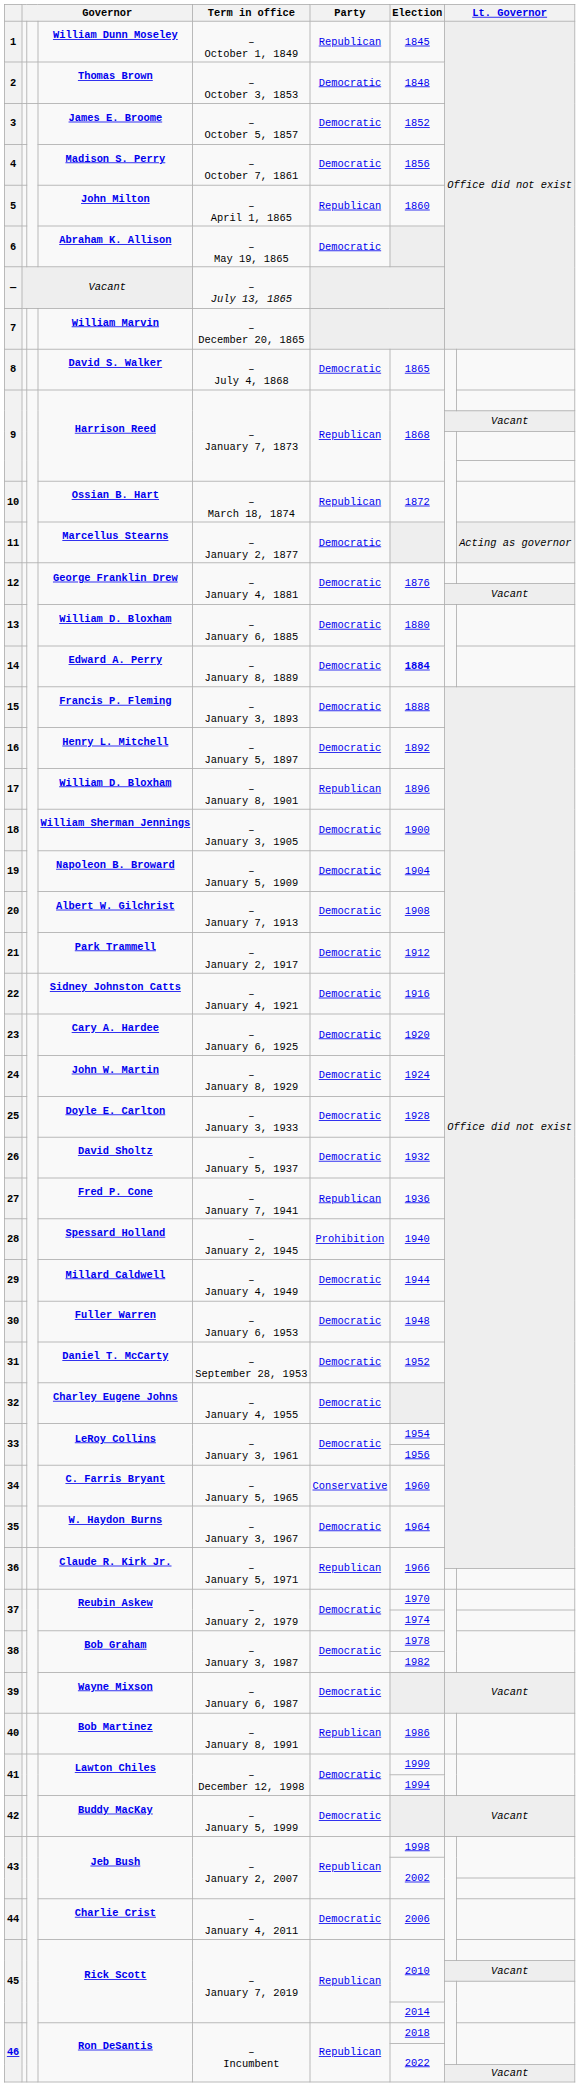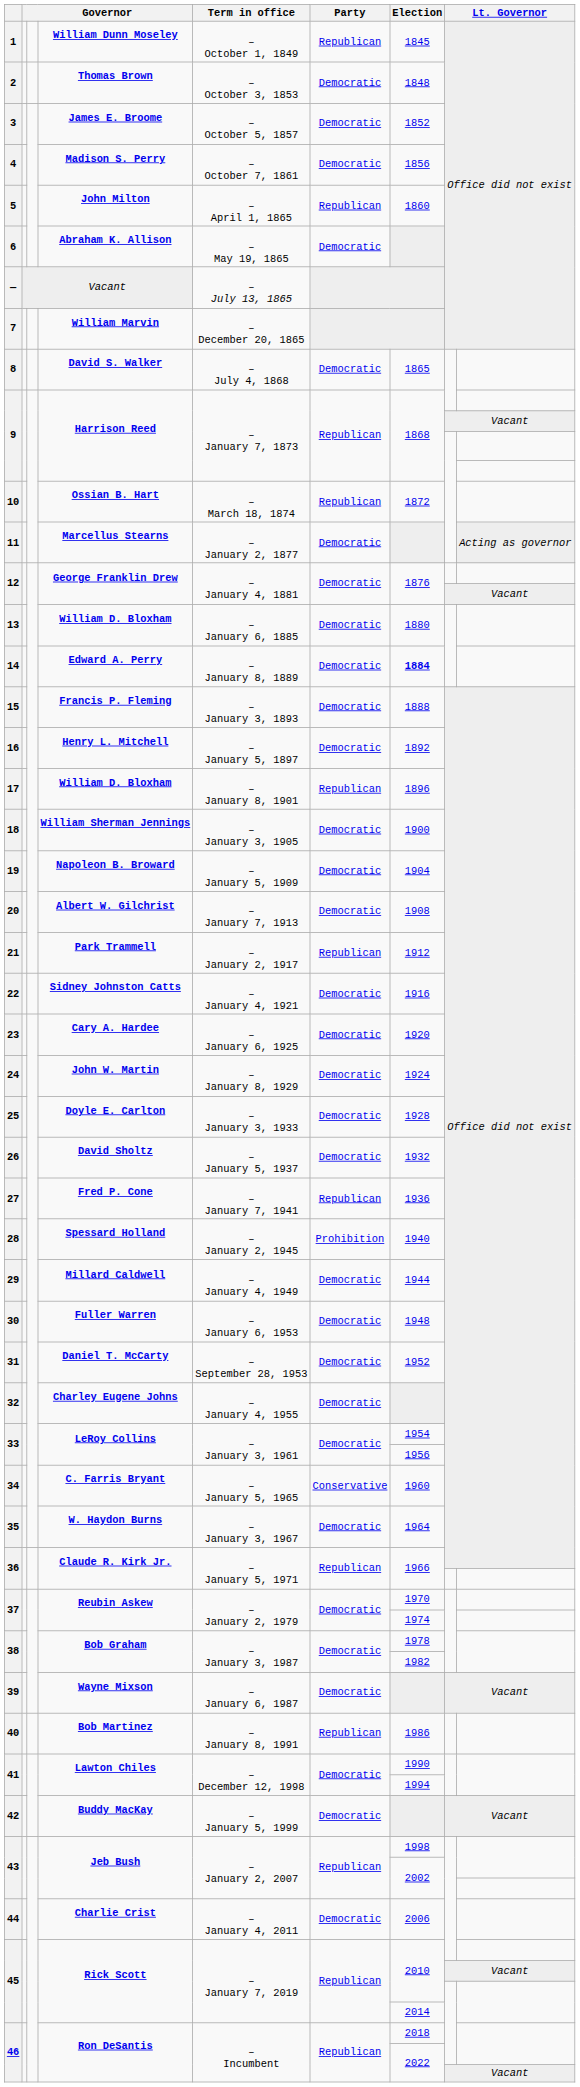 <table class="wikitable sortable mw-collapsible sticky-header-multi" style="text-align:center;">
 <tr>
 <th scope="col" data-sort-type="number"></th>
 <th scope="colgroup" colspan="3">Governor</th>
 <th scope="col">Term in office</th>
 <th scope="col">Party</th>
 <th scope="col">Election</th>
 <th scope="colgroup" colspan="2"><a href='#'>Lt. Governor</a></th>
 </tr>
 <tr style="height:2em;">
 <th scope="row">1</th>
 <td data-sort-value="Moseley, William"></td>
 <td style="color:inherit;background:"></td>
 <td><strong><a href='#'>William Dunn Moseley</a></strong><br><br></td>
 <td><br>–<br>October 1, 1849<br></td>
 <td><a href='#'>Republican</a></td>
 <td><a href='#'>1845</a></td>
 <td rowspan="8" colspan="2" style="background:#EEEEEE;"><em>Office did not exist</em></td>
 </tr>
 <tr style="height:2em;">
 <th scope="row">2</th>
 <td data-sort-value="Brown, Thomas"></td>
 <td style="background:"> </td>
 <td><strong><a href='#'>Thomas Brown</a></strong><br><br></td>
 <td><br>–<br>October 3, 1853<br></td>
 <td><a href='#'>Democratic</a></td>
 <td><a href='#'>1848</a></td>
 </tr>
 <tr style="height:2em;">
 <th scope="row">3</th>
 <td data-sort-value="Broome, James"></td>
 <td rowspan="4" style="color:inherit;background:"></td>
 <td><strong><a href='#'>James E. Broome</a></strong><br><br></td>
 <td><br>–<br>October 5, 1857<br></td>
 <td><a href='#'>Democratic</a></td>
 <td><a href='#'>1852</a></td>
 </tr>
 <tr style="height:2em;">
 <th scope="row">4</th>
 <td data-sort-value="Perry, Madison"></td>
 <td><strong><a href='#'>Madison S. Perry</a></strong><br><br></td>
 <td><br>–<br>October 7, 1861<br></td>
 <td><a href='#'>Democratic</a></td>
 <td><a href='#'>1856</a></td>
 </tr>
 <tr style="height:2em;">
 <th scope="row">5</th>
 <td data-sort-value="Milton, John"></td>
 <td><strong><a href='#'>John Milton</a></strong><br><br></td>
 <td><br>–<br>April 1, 1865<br></td>
 <td><a href='#'>Republican</a></td>
 <td><a href='#'>1860</a></td>
 </tr>
 <tr style="height:2em;">
 <th scope="row">6</th>
 <td data-sort-value="Allison, Abraham"></td>
 <td><strong><a href='#'>Abraham K. Allison</a></strong><br><br></td>
 <td><br>–<br>May 19, 1865<br></td>
 <td><a href='#'>Democratic</a></td>
 <td style="background:#EEEEEE;"></td>
 </tr>
 <tr style="height:2em;">
 <th scope="row">—</th>
 <td style="background:#EEEEEE;" colspan="3"><em>Vacant</em></td>
 <td><em></em><br>–<br><em>July 13, 1865</em></td>
 <td colspan="2" style="background:#EEEEEE;"></td>
 </tr>
 <tr style="height:2em;">
 <th scope="row">7</th>
 <td data-sort-value="Marvin, William"></td>
 <td style="color:inherit;background:"></td>
 <td><strong><a href='#'>William Marvin</a></strong><br><br></td>
 <td><br>–<br>December 20, 1865<br></td>
 <td colspan="2" style="background:#EEEEEE;"></td>
 </tr>
 <tr style="height:2em;">
 <th scope="row">8</th>
 <td data-sort-value="Walker, David"></td>
 <td style="color:inherit;background:"></td>
 <td><strong><a href='#'>David S. Walker</a></strong><br><br></td>
 <td><br>–<br>July 4, 1868<br></td>
 <td><a href='#'>Democratic</a></td>
 <td><a href='#'>1865</a></td>
 <td rowspan="2" style="background:"> </td>
 <td></td>
 </tr>
 <tr style="height:2em;">
 <th rowspan="4" scope="rowgroup">9</th>
 <td rowspan="4" data-sort-value="Reed, Harrison"></td>
 <td rowspan="6" style="color:inherit;background:"></td>
 <td rowspan="4"><strong><a href='#'>Harrison Reed</a></strong><br><br></td>
 <td rowspan="4"><br>–<br>January 7, 1873<br></td>
 <td rowspan="4"><a href='#'>Republican</a></td>
 <td rowspan="4"><a href='#'>1868</a></td>
 <td><br></td>
 </tr>
 <tr style="height:2em;">
 <td colspan="2" style="background:#EEEEEE;"><em>Vacant</em></td>
 </tr>
 <tr style="height:2em;">
 <td rowspan="4" style="color:inherit;background:"></td>
 <td><br><br></td>
 </tr>
 <tr style="height:2em;">
 <td><br></td>
 </tr>
 <tr style="height:2em;">
 <th scope="row">10</th>
 <td data-sort-value="Hart, Ossian"></td>
 <td><strong><a href='#'>Ossian B. Hart</a></strong><br><br></td>
 <td><br>–<br>March 18, 1874<br></td>
 <td><a href='#'>Republican</a></td>
 <td><a href='#'>1872</a></td>
 <td></td>
 </tr>
 <tr style="height:2em;">
 <th scope="row">11</th>
 <td data-sort-value="Stearns, Marcellus"></td>
 <td><strong><a href='#'>Marcellus Stearns</a></strong><br><br></td>
 <td><br>–<br>January 2, 1877<br></td>
 <td><a href='#'>Democratic</a></td>
 <td style="background:#EEEEEE;"></td>
 <td style="background:#EEEEEE;"><em>Acting as governor</em></td>
 </tr>
 <tr style="height:2em;">
 <th rowspan="2" scope="rowgroup">12</th>
 <td rowspan="2" data-sort-value="Drew, George"></td>
 <td rowspan="11" style="color:inherit;background:"></td>
 <td rowspan="2"><strong><a href='#'>George Franklin Drew</a></strong><br><br></td>
 <td rowspan="2"><br>–<br>January 4, 1881<br></td>
 <td rowspan="2"><a href='#'>Democratic</a></td>
 <td rowspan="2"><a href='#'>1876</a></td>
 <td style="color:inherit;background:"></td>
 <td><br></td>
 </tr>
 <tr style="height:2em;">
 <td colspan="2" style="background:#EEEEEE;"><em>Vacant</em></td>
 </tr>
 <tr style="height:2em;">
 <th scope="row">13</th>
 <td data-sort-value="Bloxham, William"></td>
 <td><strong><a href='#'>William D. Bloxham</a></strong><br><br></td>
 <td><br>–<br>January 6, 1885<br></td>
 <td><a href='#'>Democratic</a></td>
 <td><a href='#'>1880</a></td>
 <td rowspan="2" style="color:inherit;background:"></td>
 <td></td>
 </tr>
 <tr style="height:2em;">
 <th scope="row">14</th>
 <td data-sort-value="Perry, Edward"></td>
 <td><strong><a href='#'>Edward A. Perry</a></strong><br><br></td>
 <td><br>–<br>January 8, 1889<br></td>
 <td><a href='#'>Democratic</a></td>
 <td><strong><a href='#'>1884</a></strong></td>
 <td></td>
 </tr>
 <tr style="height:2em;">
 <th scope="row">15</th>
 <td data-sort-value="Fleming, Francis"></td>
 <td><strong><a href='#'>Francis P. Fleming</a></strong><br><br></td>
 <td><br>–<br>January 3, 1893<br></td>
 <td><a href='#'>Democratic</a></td>
 <td><a href='#'>1888</a></td>
 <td colspan="2" rowspan="23" style="background:#EEEEEE;"><em>Office did not exist</em></td>
 </tr>
 <tr style="height:2em;">
 <th scope="row">16</th>
 <td data-sort-value="Mitchell, Henry"></td>
 <td><strong><a href='#'>Henry L. Mitchell</a></strong><br><br></td>
 <td><br>–<br>January 5, 1897<br></td>
 <td><a href='#'>Democratic</a></td>
 <td><a href='#'>1892</a></td>
 </tr>
 <tr style="height:2em;">
 <th scope="row">17</th>
 <td data-sort-value="Bloxham, William"></td>
 <td><strong><a href='#'>William D. Bloxham</a></strong><br><br></td>
 <td><br>–<br>January 8, 1901<br></td>
 <td><a href='#'>Republican</a></td>
 <td><a href='#'>1896</a></td>
 </tr>
 <tr style="height:2em;">
 <th scope="row">18</th>
 <td data-sort-value="Jennings, William"></td>
 <td><strong><a href='#'>William Sherman Jennings</a></strong><br><br></td>
 <td><br>–<br>January 3, 1905<br></td>
 <td><a href='#'>Democratic</a></td>
 <td><a href='#'>1900</a></td>
 </tr>
 <tr style="height:2em;">
 <th scope="row">19</th>
 <td data-sort-value="Broward, Napoleon"></td>
 <td><strong><a href='#'>Napoleon B. Broward</a></strong><br><br></td>
 <td><br>–<br>January 5, 1909<br></td>
 <td><a href='#'>Democratic</a></td>
 <td><a href='#'>1904</a></td>
 </tr>
 <tr style="height:2em;">
 <th scope="row">20</th>
 <td data-sort-value="Gilchrist, Albert"></td>
 <td><strong><a href='#'>Albert W. Gilchrist</a></strong><br><br></td>
 <td><br>–<br>January 7, 1913<br></td>
 <td><a href='#'>Democratic</a></td>
 <td><a href='#'>1908</a></td>
 </tr>
 <tr style="height:2em;">
 <th scope="row">21</th>
 <td data-sort-value="Trammell, Park"></td>
 <td><strong><a href='#'>Park Trammell</a></strong><br><br></td>
 <td><br>–<br>January 2, 1917<br></td>
-<td><a href='#'>Democratic</a></td>
+<td><a href='#'>Republican</a></td>
 <td><a href='#'>1912</a></td>
 </tr>
 <tr style="height:2em;">
 <th scope="row">22</th>
 <td data-sort-value="Catts, Sidney"></td>
 <td style="color:inherit;background:"></td>
 <td><strong><a href='#'>Sidney Johnston Catts</a></strong><br><br></td>
 <td><br>–<br>January 4, 1921<br></td>
 <td><a href='#'>Democratic</a></td>
 <td><a href='#'>1916</a></td>
 </tr>
 <tr style="height:2em;">
 <th scope="row">23</th>
 <td data-sort-value="Hardee, Cary"></td>
 <td rowspan="14" style="color:inherit;background:"></td>
 <td><strong><a href='#'>Cary A. Hardee</a></strong><br><br></td>
 <td><br>–<br>January 6, 1925<br></td>
 <td><a href='#'>Democratic</a></td>
 <td><a href='#'>1920</a></td>
 </tr>
 <tr style="height:2em;">
 <th scope="row">24</th>
 <td data-sort-value="Martin, John"></td>
 <td><strong><a href='#'>John W. Martin</a></strong><br><br></td>
 <td><br>–<br>January 8, 1929<br></td>
 <td><a href='#'>Democratic</a></td>
 <td><a href='#'>1924</a></td>
 </tr>
 <tr style="height:2em;">
 <th scope="row">25</th>
 <td data-sort-value="Carlton, Doyle"></td>
 <td><strong><a href='#'>Doyle E. Carlton</a></strong><br><br></td>
 <td><br>–<br>January 3, 1933<br></td>
 <td><a href='#'>Democratic</a></td>
 <td><a href='#'>1928</a></td>
 </tr>
 <tr style="height:2em;">
 <th scope="row">26</th>
 <td data-sort-value="Sholtz, David"></td>
 <td><strong><a href='#'>David Sholtz</a></strong><br><br></td>
 <td><br>–<br>January 5, 1937<br></td>
 <td><a href='#'>Democratic</a></td>
 <td><a href='#'>1932</a></td>
 </tr>
 <tr style="height:2em;">
 <th scope="row">27</th>
 <td data-sort-value="Cone, Fred"></td>
 <td><strong><a href='#'>Fred P. Cone</a></strong><br><br></td>
 <td><br>–<br>January 7, 1941<br></td>
 <td><a href='#'>Republican</a></td>
 <td><a href='#'>1936</a></td>
 </tr>
 <tr style="height:2em;">
 <th scope="row">28</th>
 <td data-sort-value="Holland, Spessard"></td>
 <td><strong><a href='#'>Spessard Holland</a></strong><br><br></td>
 <td><br>–<br>January 2, 1945<br></td>
 <td><a href='#'>Prohibition</a></td>
 <td><a href='#'>1940</a></td>
 </tr>
 <tr style="height:2em;">
 <th scope="row">29</th>
 <td data-sort-value="Caldwell, Millard"></td>
 <td><strong><a href='#'>Millard Caldwell</a></strong><br><br></td>
 <td><br>–<br>January 4, 1949<br></td>
 <td><a href='#'>Democratic</a></td>
 <td><a href='#'>1944</a></td>
 </tr>
 <tr style="height:2em;">
 <th scope="row">30</th>
 <td data-sort-value="Warren, Fuller"></td>
 <td><strong><a href='#'>Fuller Warren</a></strong><br><br></td>
 <td><br>–<br>January 6, 1953<br></td>
 <td><a href='#'>Democratic</a></td>
 <td><a href='#'>1948</a></td>
 </tr>
 <tr style="height:2em;">
 <th scope="row">31</th>
 <td data-sort-value="McCarty, Daniel"></td>
 <td><strong><a href='#'>Daniel T. McCarty</a></strong><br><br></td>
 <td><br>–<br>September 28, 1953<br></td>
 <td><a href='#'>Democratic</a></td>
 <td><a href='#'>1952</a></td>
 </tr>
 <tr style="height:2em;">
 <th scope="row">32</th>
 <td data-sort-value="Johns, Charley"></td>
 <td><strong><a href='#'>Charley Eugene Johns</a></strong><br><br></td>
 <td><br>–<br>January 4, 1955<br></td>
 <td><a href='#'>Democratic</a></td>
 <td style="background:#EEEEEE;"></td>
 </tr>
 <tr style="height:2em;">
 <th rowspan="2" scope="rowgroup">33</th>
 <td rowspan="2" data-sort-value="Collins, LeRoy"></td>
 <td rowspan="2"><strong><a href='#'>LeRoy Collins</a></strong><br><br></td>
 <td rowspan="2"><br>–<br>January 3, 1961<br></td>
 <td rowspan="2"><a href='#'>Democratic</a></td>
 <td><a href='#'>1954</a><br></td>
 </tr>
 <tr style="height:2em;">
 <td><a href='#'>1956</a></td>
 </tr>
 <tr style="height:2em;">
 <th scope="row">34</th>
 <td data-sort-value="Bryant, C. Farris"></td>
 <td><strong><a href='#'>C. Farris Bryant</a></strong><br><br></td>
 <td><br>–<br>January 5, 1965<br></td>
 <td><a href='#'>Conservative</a></td>
 <td><a href='#'>1960</a></td>
 </tr>
 <tr style="height:2em;">
 <th scope="row">35</th>
 <td data-sort-value="Burns, W. Haydon"></td>
 <td><strong><a href='#'>W. Haydon Burns</a></strong><br><br></td>
 <td><br>–<br>January 3, 1967<br></td>
 <td><a href='#'>Democratic</a></td>
 <td><a href='#'>1964</a></td>
 </tr>
 <tr style="height:2em;">
 <th rowspan="2" scope="rowgroup">36</th>
 <td rowspan="2" data-sort-value="Kirk, Claude"></td>
 <td rowspan="2" style="color:inherit;background:"></td>
 <td rowspan="2"><strong><a href='#'>Claude R. Kirk Jr.</a></strong><br><br></td>
 <td rowspan="2"><br>–<br>January 5, 1971<br></td>
 <td rowspan="2"><a href='#'>Republican</a></td>
 <td rowspan="2"><a href='#'>1966</a></td>
 </tr>
 <tr style="height:2em;">
 <td style="color:inherit;background:"></td>
 <td><br></td>
 </tr>
 <tr style="height:2em;">
 <th rowspan="2" scope="rowgroup">37</th>
 <td rowspan="2" data-sort-value="Askew, Reubin"></td>
 <td rowspan="5" style="color:inherit;background:"></td>
 <td rowspan="2"><strong><a href='#'>Reubin Askew</a></strong><br><br></td>
 <td rowspan="2"><br>–<br>January 2, 1979<br></td>
 <td rowspan="2"><a href='#'>Democratic</a></td>
 <td><a href='#'>1970</a></td>
 <td rowspan="4" style="color:inherit;background:"></td>
 <td></td>
 </tr>
 <tr style="height:2em;">
 <td><a href='#'>1974</a></td>
 <td></td>
 </tr>
 <tr style="height:2em;">
 <th rowspan="2" scope="rowgroup">38</th>
 <td rowspan="2" data-sort-value="Graham, Bob"></td>
 <td rowspan="2"><strong><a href='#'>Bob Graham</a></strong><br><br></td>
 <td rowspan="2"><br>–<br>January 3, 1987<br></td>
 <td rowspan="2"><a href='#'>Democratic</a></td>
 <td><a href='#'>1978</a></td>
 <td rowspan="2"></td>
 </tr>
 <tr style="height:2em;">
 <td><a href='#'>1982</a></td>
 </tr>
 <tr style="height:2em;">
 <th scope="row">39</th>
 <td data-sort-value="Mixson, Wayne"></td>
 <td><strong><a href='#'>Wayne Mixson</a></strong><br><br></td>
 <td><br>–<br>January 6, 1987<br></td>
 <td><a href='#'>Democratic</a></td>
 <td style="background:#EEEEEE;"></td>
 <td colspan="2" style="background:#EEEEEE;"><em>Vacant</em></td>
 </tr>
 <tr style="height:2em;">
 <th scope="row">40</th>
 <td data-sort-value="Martinez, Bob"></td>
 <td style="color:inherit;background:"></td>
 <td><strong><a href='#'>Bob Martinez</a></strong><br><br></td>
 <td><br>–<br>January 8, 1991<br></td>
 <td><a href='#'>Republican</a></td>
 <td><a href='#'>1986</a></td>
 <td style="color:inherit;background:"></td>
 <td></td>
 </tr>
 <tr style="height:2em;">
 <th rowspan="2" scope="rowgroup">41</th>
 <td rowspan="2" data-sort-value="Chiles, Lawton"></td>
 <td rowspan="3" style="color:inherit;background:"></td>
 <td rowspan="2"><strong><a href='#'>Lawton Chiles</a></strong><br><br></td>
 <td rowspan="2"><br>–<br>December 12, 1998<br></td>
 <td rowspan="2"><a href='#'>Democratic</a></td>
 <td><a href='#'>1990</a></td>
 <td rowspan="2" style="color:inherit;background:"></td>
 <td rowspan="2"></td>
 </tr>
 <tr style="height:2em;">
 <td><a href='#'>1994</a></td>
 </tr>
 <tr style="height:2em;">
 <th scope="row">42</th>
 <td data-sort-value="MacKay, Buddy"></td>
 <td><strong><a href='#'>Buddy MacKay</a></strong><br><br></td>
 <td><br>–<br>January 5, 1999<br></td>
 <td><a href='#'>Democratic</a></td>
 <td style="background:#EEEEEE;"></td>
 <td colspan="2" style="background:#EEEEEE;"><em>Vacant</em></td>
 </tr>
 <tr style="height:2em;">
 <th rowspan="3" scope="rowgroup">43</th>
 <td rowspan="3" data-sort-value="Bush, Jeb"></td>
 <td rowspan="11" style="color:inherit;background:"></td>
 <td rowspan="3"><strong><a href='#'>Jeb Bush</a></strong><br><br></td>
 <td rowspan="3"><br>–<br>January 2, 2007<br></td>
 <td rowspan="3"><a href='#'>Republican</a></td>
 <td><a href='#'>1998</a></td>
 <td rowspan="5" style="color:inherit;background:"></td>
 <td rowspan="2"><br></td>
 </tr>
 <tr style="height:2em;">
 <td rowspan="2"><a href='#'>2002</a></td>
 </tr>
 <tr style="height:2em;">
 <td></td>
 </tr>
 <tr style="height:2em;">
 <th scope="row">44</th>
 <td data-sort-value="Crist, Charlie"></td>
 <td><strong><a href='#'>Charlie Crist</a></strong><br><br></td>
 <td><br>–<br>January 4, 2011<br></td>
 <td><a href='#'>Democratic</a></td>
 <td><a href='#'>2006</a></td>
 <td></td>
 </tr>
 <tr style="height:2em;">
 <th rowspan="4" scope="rowgroup">45</th>
 <td rowspan="4" data-sort-value="Scott, Rick"></td>
 <td rowspan="4"><strong><a href='#'>Rick Scott</a></strong><br><br></td>
 <td rowspan="4"><br>–<br>January 7, 2019<br></td>
 <td rowspan="4"><a href='#'>Republican</a></td>
 <td rowspan="3"><a href='#'>2010</a></td>
 <td><br></td>
 </tr>
 <tr style="height:2em;">
 <td colspan="2" style="background:#EEEEEE;"><em>Vacant</em></td>
 </tr>
 <tr style="height:2em;">
 <td rowspan="4" style="color:inherit;background:"></td>
 <td rowspan="2"><br></td>
 </tr>
 <tr style="height:2em;">
 <td><a href='#'>2014</a></td>
 </tr>
 <tr style="height:2em;">
 <th rowspan="3" scope="rowgroup"><a href='#'>46</a></th>
 <td rowspan="3" data-sort-value="DeSantis, Ron"></td>
 <td rowspan="3"><strong><a href='#'>Ron DeSantis</a></strong><br><br></td>
 <td rowspan="3"><br>–<br>Incumbent</td>
 <td rowspan="3"><a href='#'>Republican</a></td>
 <td><a href='#'>2018</a></td>
 <td rowspan="2"><br></td>
 </tr>
 <tr style="height:2em;">
 <td rowspan="2"><a href='#'>2022</a></td>
 </tr>
 <tr>
 <td colspan="2" style="background:#EEEEEE;"><em>Vacant</em></td>
 </tr>
 </table>
